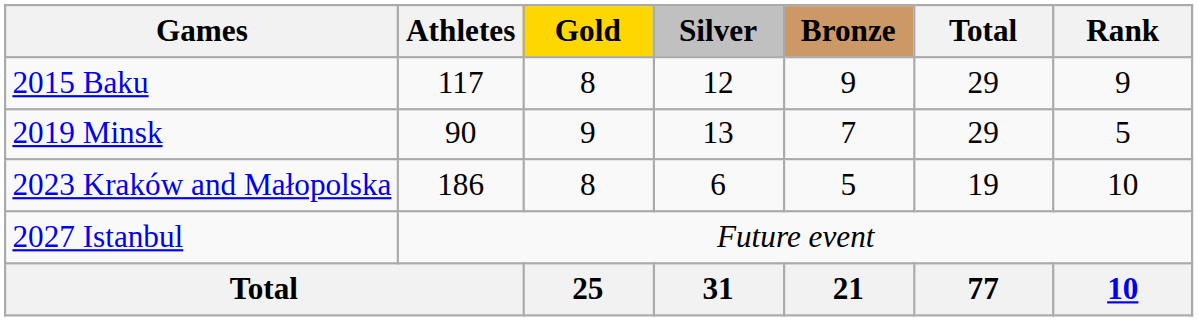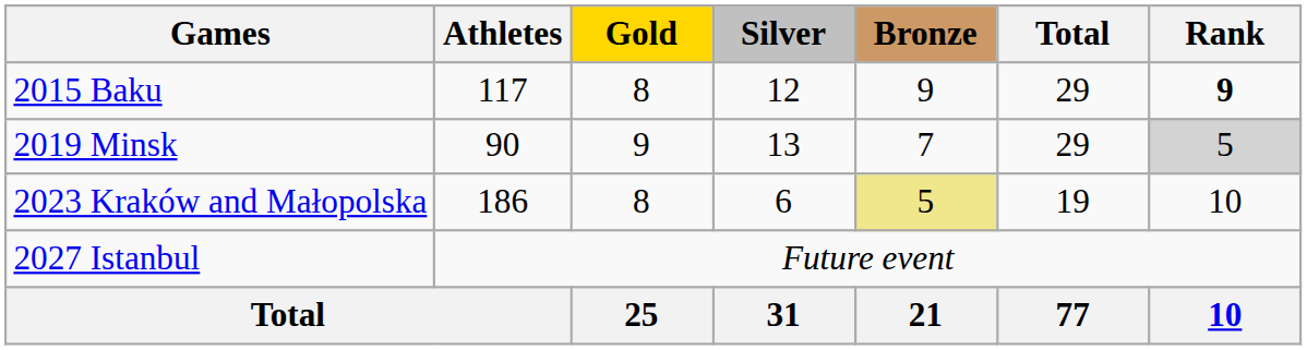 <table class="wikitable" style="text-align:center; font-size:90%;">
 <tr>
 <th>Games</th>
 <th>Athletes</th>
 <td style="background:gold; width:3.7em; font-weight:bold;">Gold</td>
 <td style="background:silver; width:3.7em; font-weight:bold;">Silver</td>
 <td style="background:#cc9966; width:3.7em; font-weight:bold;">Bronze</td>
 <th style="width:4em; font-weight:bold;">Total</th>
 <th style="width:4em; font-weight:bold;">Rank</th>
 </tr>
 <tr>
 <td align=left><a href='#'>2015 Baku</a></td>
 <td>117</td>
 <td>8</td>
 <td>12</td>
 <td>9</td>
 <td>29</td>
-<td>9</td>
+<td><strong>9</strong></td>
 </tr>
 <tr>
 <td align=left><a href='#'>2019 Minsk</a></td>
 <td>90</td>
 <td>9</td>
 <td>13</td>
 <td>7</td>
 <td>29</td>
-<td>5</td>
+<td style="background: lightgrey;">5</td>
 </tr>
 <tr>
 <td align=left><a href='#'>2023 Kraków and Małopolska</a></td>
 <td>186</td>
 <td>8</td>
 <td>6</td>
-<td>5</td>
+<td style="background: khaki;">5</td>
 <td>19</td>
 <td>10</td>
 </tr>
 <tr>
 <td align=left><a href='#'>2027 Istanbul</a></td>
 <td colspan=6><em>Future event</em></td>
 </tr>
 <tr>
 <th colspan=2>Total</th>
 <th>25</th>
 <th>31</th>
 <th>21</th>
 <th>77</th>
 <th><a href='#'>10</a></th>
 </tr>
 </table>
